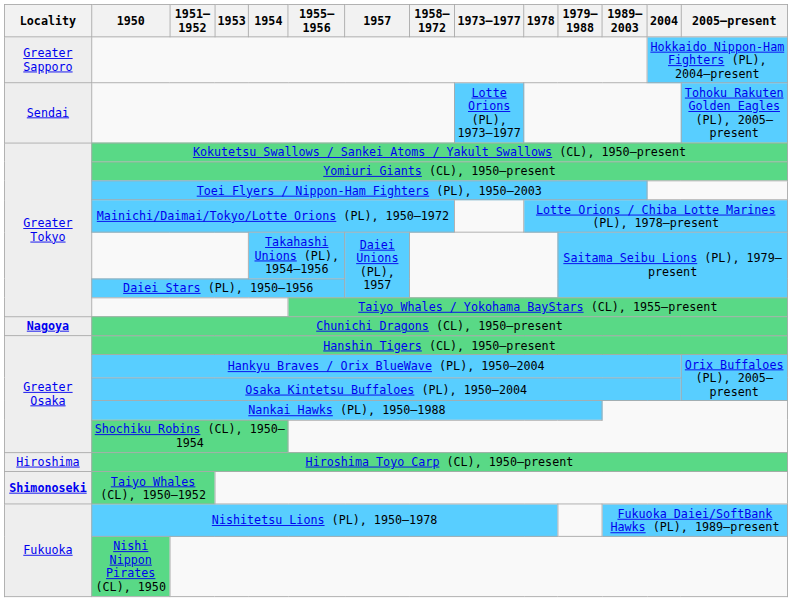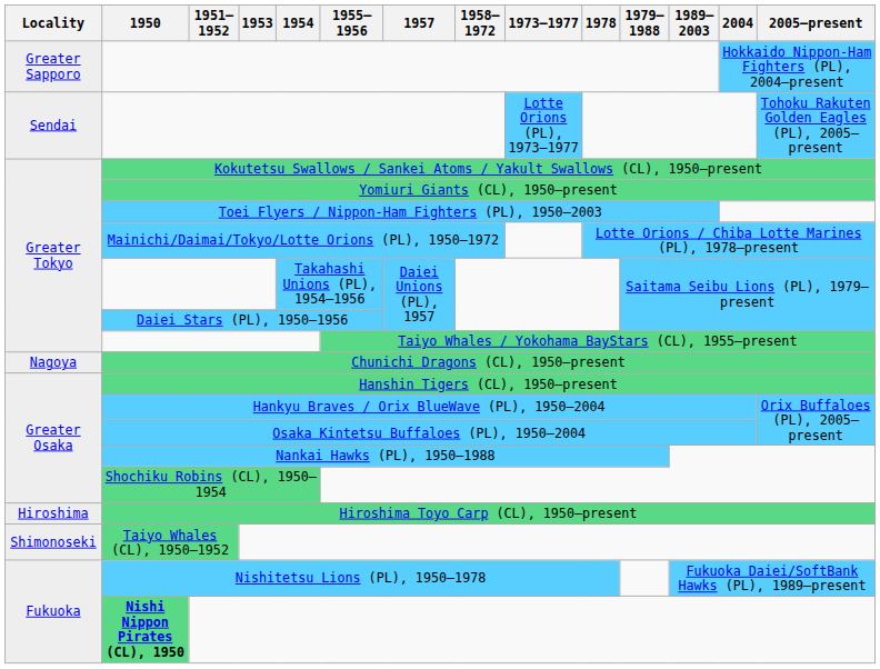 <table class="wikitable" style="text-align:center">
 <tr>
 <th>Locality</th>
 <th>1950</th>
 <th>1951–1952</th>
 <th>1953</th>
 <th>1954</th>
 <th>1955–1956</th>
 <th>1957</th>
 <th>1958–1972</th>
 <th>1973–1977</th>
 <th>1978</th>
 <th>1979–1988</th>
 <th>1989–2003</th>
 <th>2004</th>
 <th>2005–present</th>
 </tr>
 <tr>
 <td style="background:#eee;"><a href='#'>Greater Sapporo</a></td>
 <td colspan="11"> </td>
 <td colspan="2" style="background:#58ceff;"><a href='#'>Hokkaido Nippon-Ham Fighters</a> (PL), 2004–present</td>
 </tr>
 <tr>
 <td style="background:#eee;"><a href='#'>Sendai</a></td>
 <td colspan="7"> </td>
 <td style="background:#58ceff;"><a href='#'>Lotte Orions</a> (PL), 1973–1977</td>
 <td colspan="4"> </td>
 <td colspan="1" style="background:#58ceff;"><a href='#'>Tohoku Rakuten Golden Eagles</a> (PL), 2005–present</td>
 </tr>
 <tr>
 <td rowspan="7" style="background:#eee;"><a href='#'>Greater Tokyo</a></td>
 <td colspan="13" style="background:#59d986;"><a href='#'>Kokutetsu Swallows / Sankei Atoms / Yakult Swallows</a> (CL), 1950–present</td>
 </tr>
 <tr>
 <td colspan="13" style="background:#59d986;"><a href='#'>Yomiuri Giants</a> (CL), 1950–present</td>
 </tr>
 <tr>
 <td colspan="11" style="background:#58ceff;"><a href='#'>Toei Flyers / Nippon-Ham Fighters</a> (PL), 1950–2003</td>
 </tr>
 <tr>
 <td colspan="7" style="background:#58ceff;"><a href='#'>Mainichi/Daimai/Tokyo/Lotte Orions</a> (PL), 1950–1972</td>
 <td> </td>
 <td colspan="5" style="background:#58ceff;"><a href='#'>Lotte Orions / Chiba Lotte Marines</a> (PL), 1978–present</td>
 </tr>
 <tr>
 <td colspan="3"> </td>
 <td colspan="2" style="background:#58ceff;"><a href='#'>Takahashi Unions</a> (PL), 1954–1956</td>
 <td rowspan="2" style="background:#58ceff;"><a href='#'>Daiei Unions</a> (PL), 1957</td>
 <td rowspan="2" colspan="3"> </td>
 <td rowspan="2" colspan="5" style="background:#58ceff;"><a href='#'>Saitama Seibu Lions</a> (PL), 1979–present</td>
 </tr>
 <tr>
 <td colspan="5" style="background:#58ceff;"><a href='#'>Daiei Stars</a> (PL), 1950–1956</td>
 </tr>
 <tr>
 <td colspan="4"> </td>
 <td colspan="9" style="background:#59d986;"><a href='#'>Taiyo Whales / Yokohama BayStars</a> (CL), 1955–present</td>
 </tr>
 <tr>
-<td style="background:#eee;"><strong><a href='#'>Nagoya</a></strong></td>
+<td style="background:#eee;"><a href='#'>Nagoya</a></td>
 <td colspan="13" style="background:#59d986;"><a href='#'>Chunichi Dragons</a> (CL), 1950–present</td>
 </tr>
 <tr>
 <td rowspan="5" style="background:#eee;"><a href='#'>Greater Osaka</a></td>
 <td colspan="13" style="background:#59d986;"><a href='#'>Hanshin Tigers</a> (CL), 1950–present</td>
 </tr>
 <tr>
 <td colspan="12" style="background:#58ceff;"><a href='#'>Hankyu Braves / Orix BlueWave</a> (PL), 1950–2004</td>
 <td rowspan="2" colspan="1" style="background:#58ceff;"><a href='#'>Orix Buffaloes</a> (PL), 2005–present</td>
 </tr>
 <tr>
 <td colspan="12" style="background:#58ceff;"><a href='#'>Osaka Kintetsu Buffaloes</a> (PL), 1950–2004</td>
 </tr>
 <tr>
 <td colspan="10" style="background:#58ceff;"><a href='#'>Nankai Hawks</a> (PL), 1950–1988</td>
 </tr>
 <tr>
 <td colspan="4" style="background:#59d986;"><a href='#'>Shochiku Robins</a> (CL), 1950–1954</td>
 </tr>
 <tr>
 <td style="background:#eee;"><a href='#'>Hiroshima</a></td>
 <td colspan="13" style="background:#59d986;"><a href='#'>Hiroshima Toyo Carp</a> (CL), 1950–present</td>
 </tr>
 <tr>
-<td style="background:#eee;"><strong><a href='#'>Shimonoseki</a></strong></td>
+<td style="background:#eee;"><a href='#'>Shimonoseki</a></td>
 <td colspan="2" style="background:#59d986;"><a href='#'>Taiyo Whales</a> (CL), 1950–1952</td>
 </tr>
 <tr>
 <td rowspan="2" style="background:#eee;"><a href='#'>Fukuoka</a></td>
 <td colspan="9" style="background:#58ceff;"><a href='#'>Nishitetsu Lions</a> (PL), 1950–1978</td>
 <td> </td>
 <td colspan="3" style="background:#58ceff;"><a href='#'>Fukuoka Daiei/SoftBank Hawks</a> (PL), 1989–present</td>
 </tr>
 <tr>
-<td style="background:#59d986;"><a href='#'>Nishi Nippon Pirates</a> (CL), 1950</td>
+<td style="background:#59d986;"><strong><a href='#'>Nishi Nippon Pirates</a> (CL), 1950</strong></td>
 </tr>
 </table>
